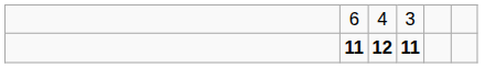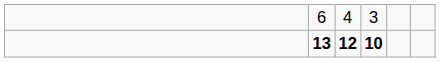 <table class="wikitable">
 <tr>
 <td style="width:18em"></td>
 <td align=center style="width:1em">6</td>
 <td align=center style="width:1em">4</td>
 <td align=center style="width:1em">3</td>
 <td align=center style="width:1em"></td>
 <td align=center style="width:1em"></td>
 </tr>
 <tr>
 <td style="width:18em"><strong></strong></td>
-<td align=center style="width:1em"><strong>11</strong></td>
+<td align=center style="width:1em"><strong>13</strong></td>
 <td align=center style="width:1em"><strong>12</strong></td>
-<td align=center style="width:1em"><strong>11</strong></td>
+<td align=center style="width:1em"><strong>10</strong></td>
 <td align=center style="width:1em"></td>
 <td align=center style="width:1em"></td>
 </tr>
 </table>
